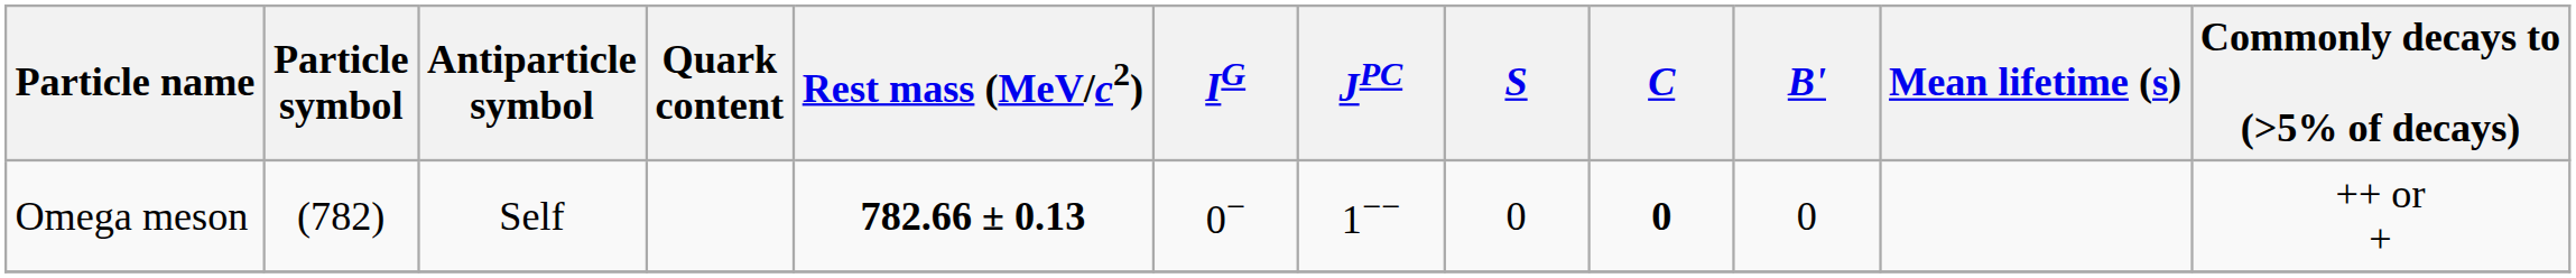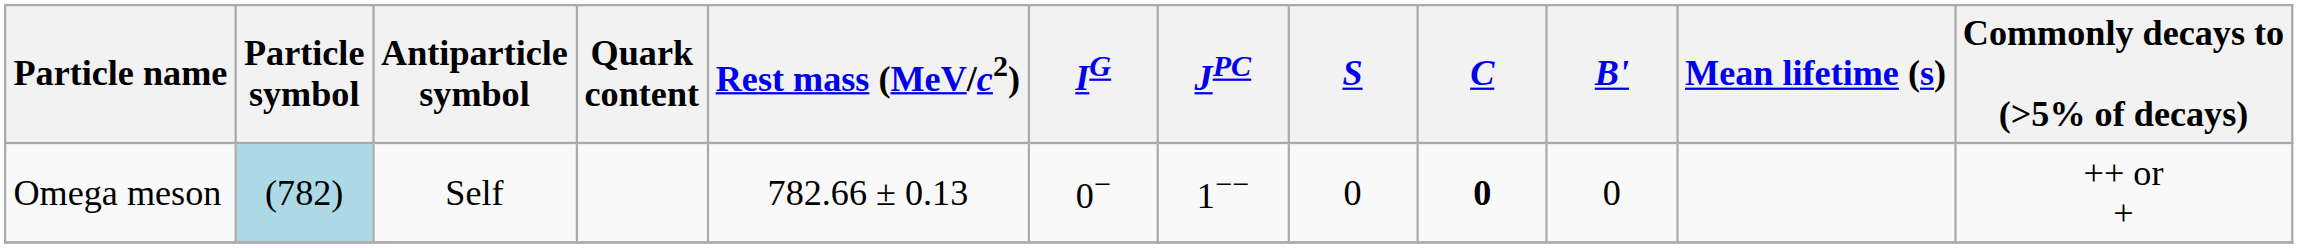 <table class="wikitable">
 <tr>
 <th class=unsortable>Particle name</th>
 <th>Particle <br>symbol</th>
 <th>Antiparticle <br>symbol</th>
 <th class=unsortable>Quark<br>content</th>
 <th><a href='#'>Rest mass</a> (<a href='#'>MeV</a>/<em><a href='#'>c</a></em><sup>2</sup>)</th>
 <th width="50"><em><a href='#'>I</a><sup><a href='#'>G</a></sup></em></th>
 <th width="50"><em><a href='#'>J</a><sup><a href='#'>P</a><a href='#'>C</a></sup></em></th>
 <th width="50"><em><a href='#'>S</a></em></th>
 <th width="50"><em><a href='#'>C</a></em></th>
 <th width="50"><em><a href='#'>B'</a></em></th>
 <th><a href='#'>Mean lifetime</a> (<a href='#'>s</a>)</th>
 <th class=unsortable>Commonly decays to<br><br>(>5% of decays)</th>
 </tr>
 <tr>
 <td>Omega meson</td>
-<td align="center">(782)</td>
+<td align="center" style="background: lightblue;">(782)</td>
 <td align="center">Self</td>
 <td align="center"></td>
-<td align="center"><strong>782.66 ± 0.13</strong></td>
+<td align="center">782.66 ± 0.13</td>
 <td align="center">0<sup>−</sup></td>
 <td align="center">1<sup>−−</sup></td>
 <td align="center">0</td>
 <td align="center"><strong>0</strong></td>
 <td align="center">0</td>
 <td align="center"></td>
 <td align="center">++ or<br>+</td>
 </tr>
 <tr>
 </tr>
 </table>
